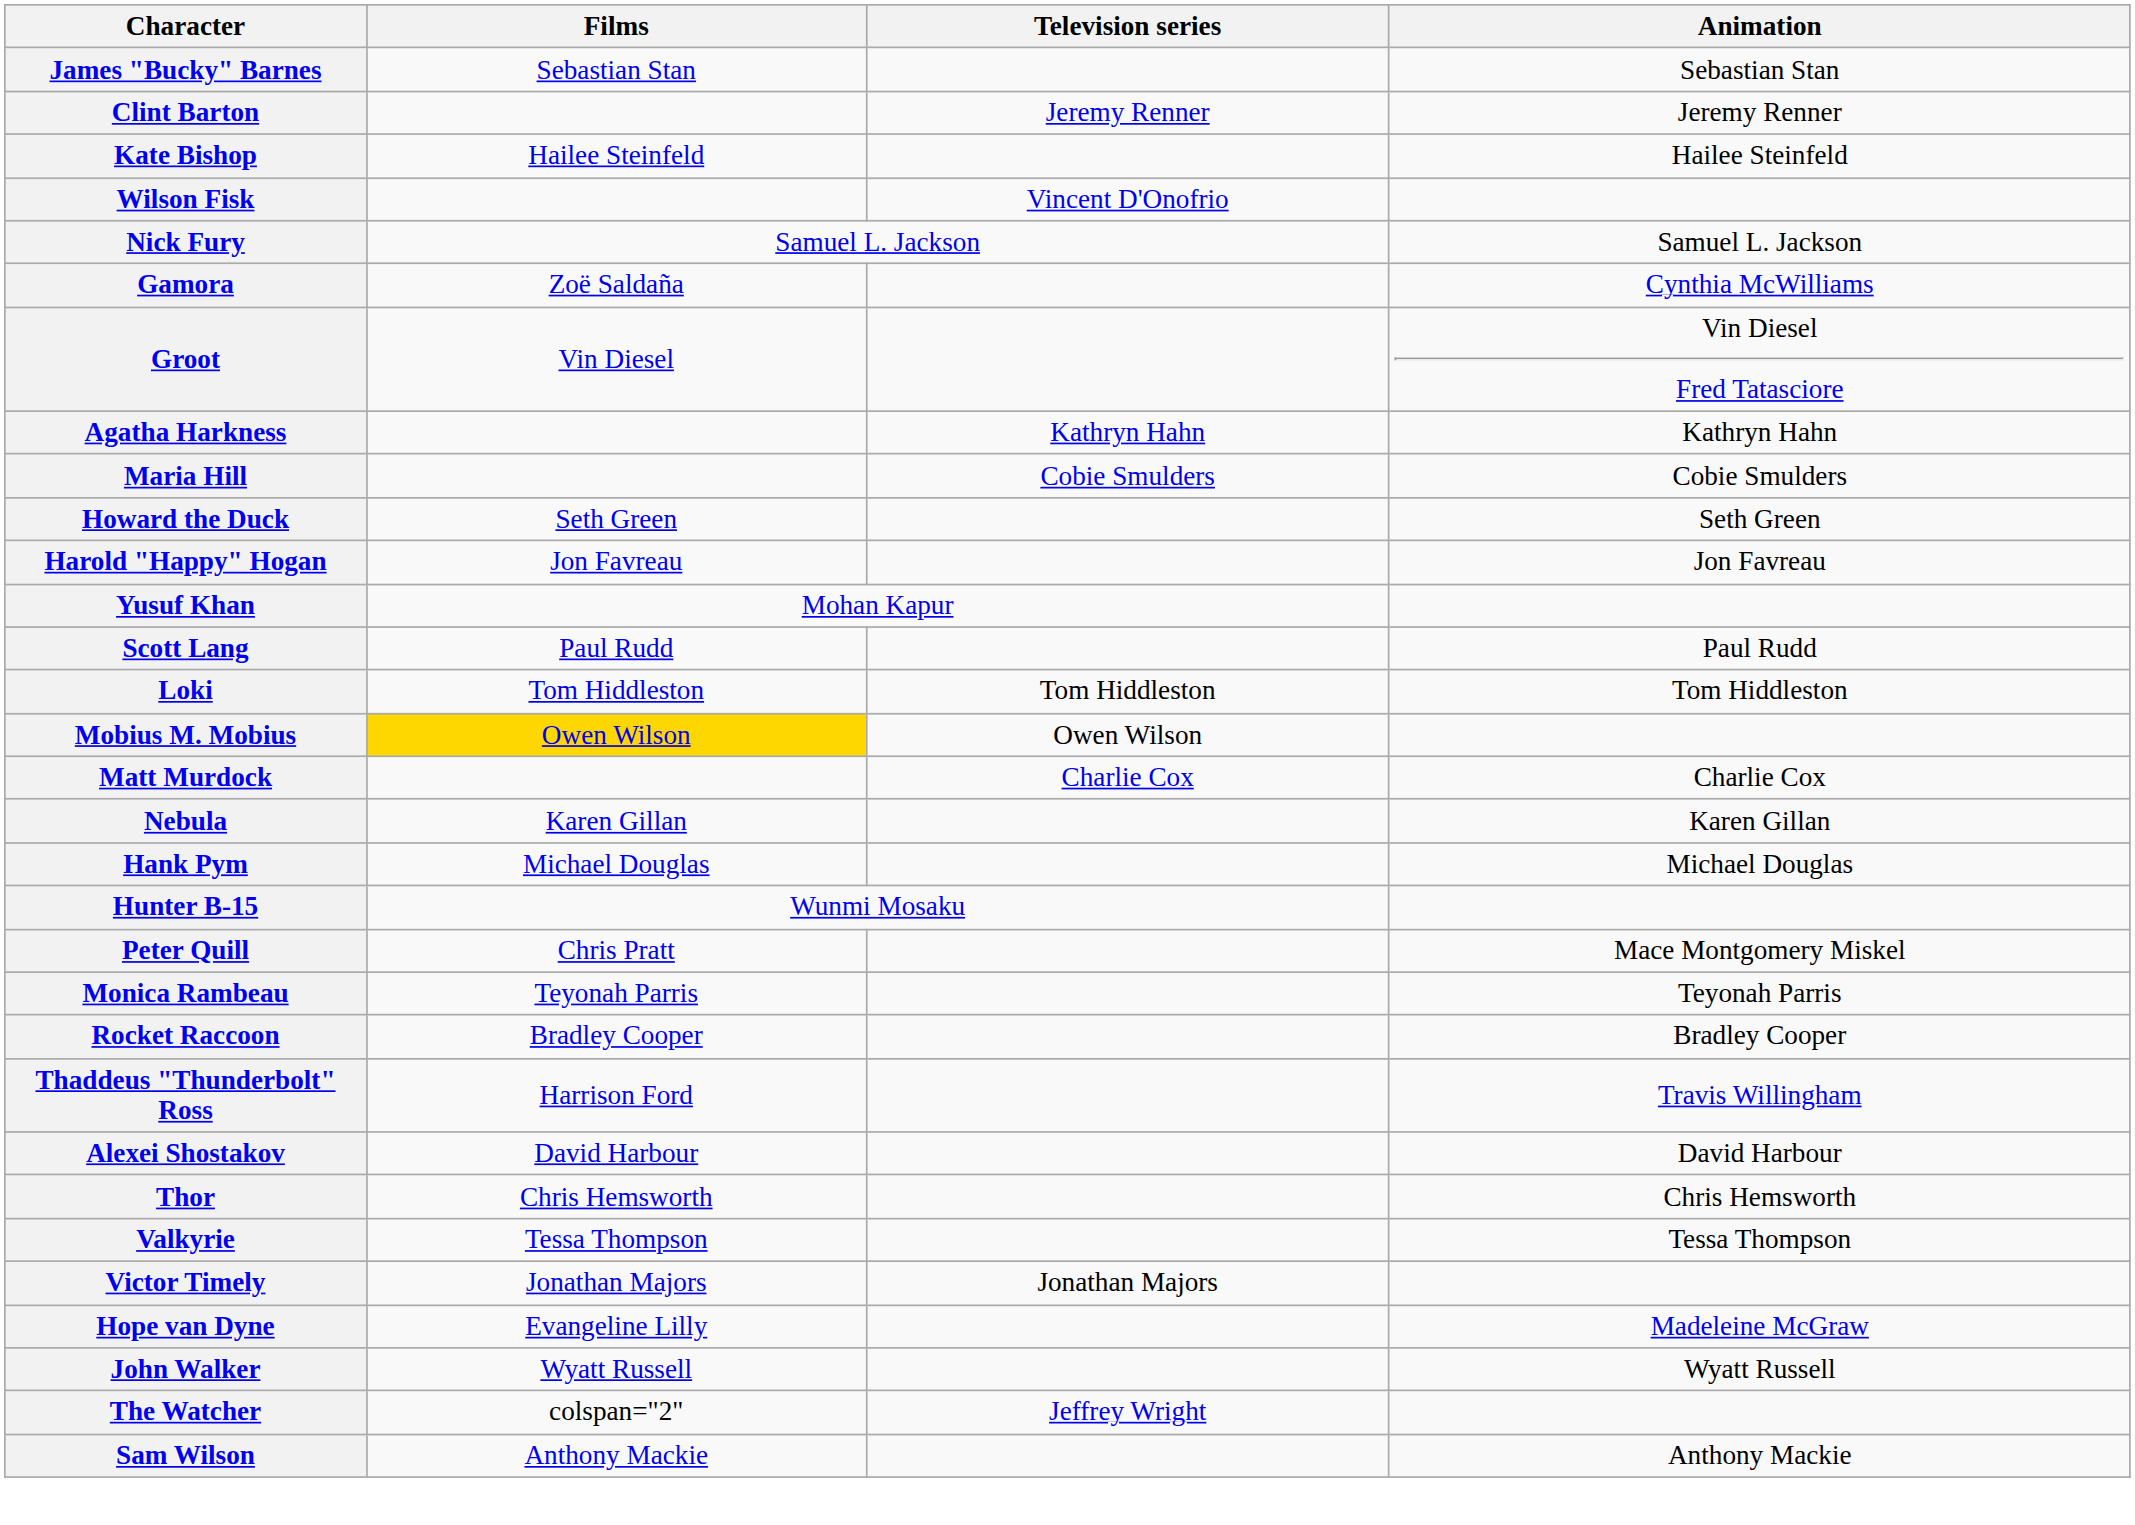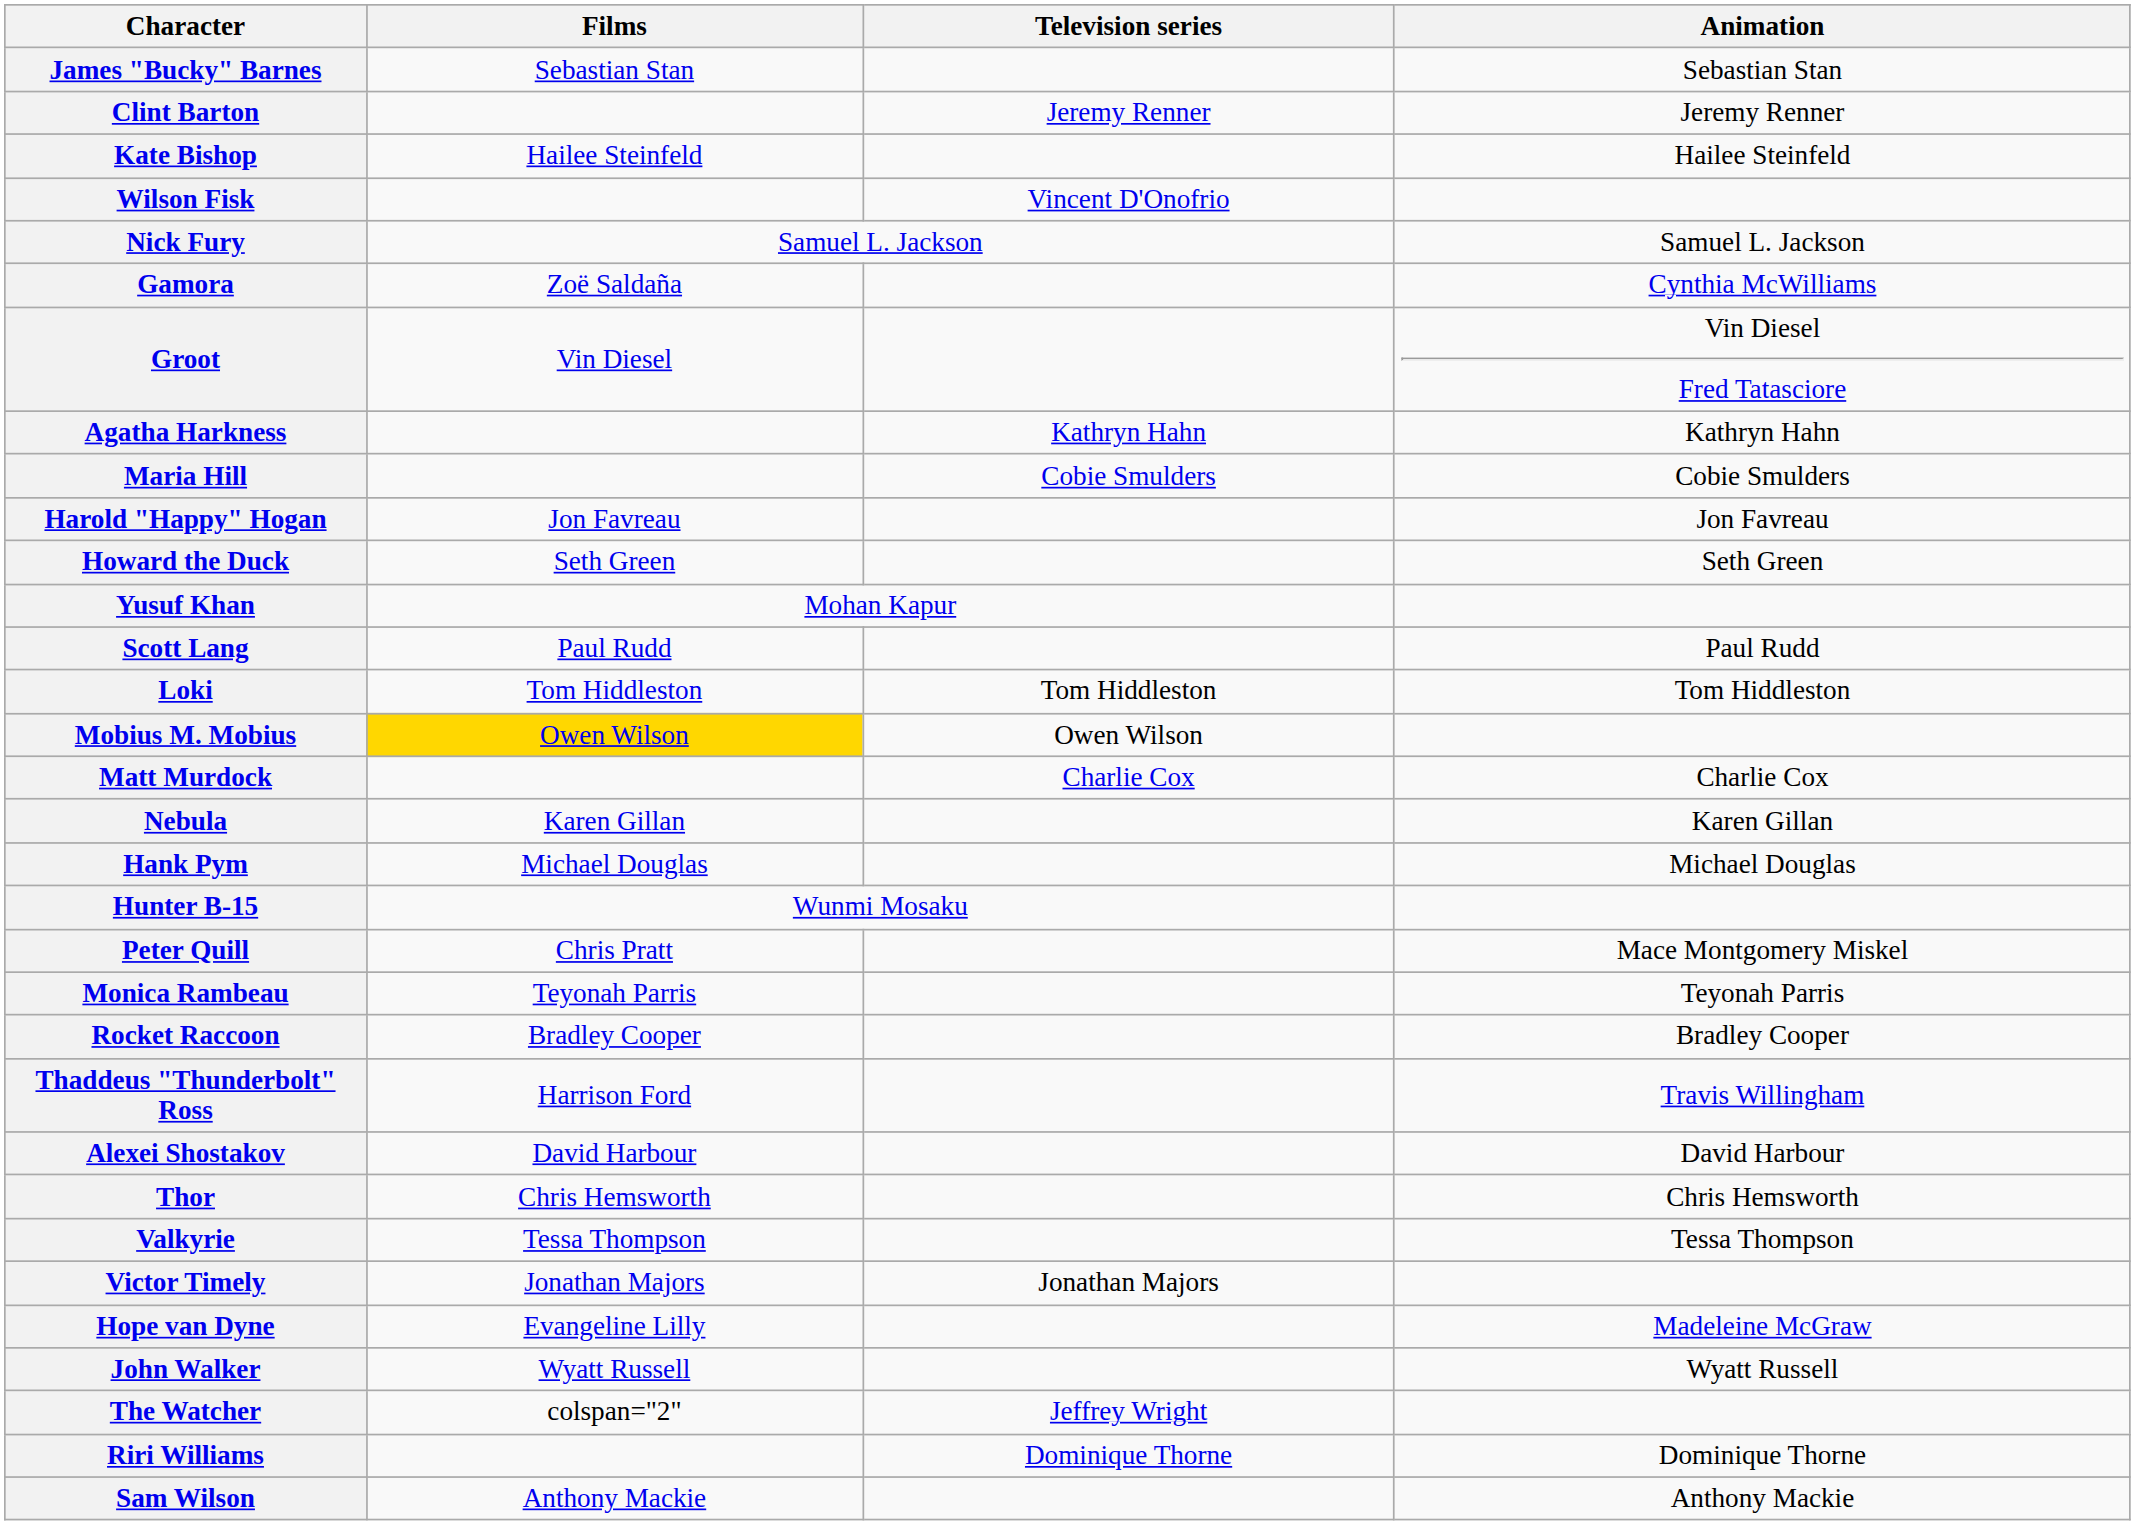 <table class="wikitable" style="text-align: center; width: 99%;">
 <tr>
 <th scope="col" style="width: 17%;">Character</th>
 <th scope="col">Films</th>
 <th scope="col">Television series</th>
 <th scope="col">Animation</th>
 </tr>
 <tr>
 <th scope="row"><a href='#'>James "Bucky" Barnes</a></th>
 <td><a href='#'>Sebastian Stan</a></td>
 <td></td>
 <td>Sebastian Stan</td>
 </tr>
 <tr>
 <th scope="row"><a href='#'>Clint Barton<br></a></th>
 <td></td>
 <td><a href='#'>Jeremy Renner</a></td>
 <td>Jeremy Renner</td>
 </tr>
 <tr>
 <th scope="row"><a href='#'>Kate Bishop</a></th>
 <td><a href='#'>Hailee Steinfeld</a></td>
 <td></td>
 <td>Hailee Steinfeld</td>
 </tr>
 <tr>
 <th scope="row"><a href='#'>Wilson Fisk<br></a></th>
 <td></td>
 <td><a href='#'>Vincent D'Onofrio</a></td>
 <td></td>
 </tr>
 <tr>
 <th scope="row"><a href='#'>Nick Fury</a></th>
 <td colspan="2"><a href='#'>Samuel L. Jackson</a></td>
 <td>Samuel L. Jackson</td>
 </tr>
 <tr>
 <th scope="row"><a href='#'>Gamora</a></th>
 <td><a href='#'>Zoë Saldaña</a></td>
 <td></td>
 <td><a href='#'>Cynthia McWilliams</a></td>
 </tr>
 <tr>
 <th scope="row"><a href='#'>Groot</a></th>
 <td><a href='#'>Vin Diesel</a></td>
 <td></td>
 <td>Vin Diesel<hr><a href='#'>Fred Tatasciore</a></td>
 </tr>
 <tr>
 <th scope="row"><a href='#'>Agatha Harkness</a></th>
 <td></td>
 <td><a href='#'>Kathryn Hahn</a></td>
 <td>Kathryn Hahn</td>
 </tr>
 <tr>
 <th scope="row"><a href='#'>Maria Hill</a></th>
 <td></td>
 <td><a href='#'>Cobie Smulders</a></td>
 <td>Cobie Smulders</td>
 </tr>
 <tr>
+<th scope="row"><a href='#'>Harold "Happy" Hogan</a></th>
+<td><a href='#'>Jon Favreau</a></td>
+<td></td>
+<td>Jon Favreau</td>
+</tr>
+<tr>
 <th scope="row"><a href='#'>Howard the Duck</a></th>
 <td><a href='#'>Seth Green</a></td>
 <td></td>
 <td>Seth Green</td>
-</tr>
-<tr>
-<th scope="row"><a href='#'>Harold "Happy" Hogan</a></th>
-<td><a href='#'>Jon Favreau</a></td>
-<td></td>
-<td>Jon Favreau</td>
 </tr>
 <tr>
 <th scope="row"><a href='#'>Yusuf Khan</a></th>
 <td colspan="2"><a href='#'>Mohan Kapur</a></td>
 <td></td>
 </tr>
 <tr>
 <th scope="row"><a href='#'>Scott Lang<br></a></th>
 <td><a href='#'>Paul Rudd</a></td>
 <td></td>
 <td>Paul Rudd</td>
 </tr>
 <tr>
 <th scope="row"><a href='#'>Loki</a></th>
 <td><a href='#'>Tom Hiddleston</a></td>
 <td>Tom Hiddleston</td>
 <td>Tom Hiddleston</td>
 </tr>
 <tr>
 <th scope="row"><a href='#'>Mobius M. Mobius</a></th>
 <td style="background: gold;"><a href='#'>Owen Wilson</a></td>
 <td>Owen Wilson</td>
 <td></td>
 </tr>
 <tr>
 <th scope="row"><a href='#'>Matt Murdock<br></a></th>
 <td></td>
 <td><a href='#'>Charlie Cox</a></td>
 <td>Charlie Cox</td>
 </tr>
 <tr>
 <th scope="row"><a href='#'>Nebula</a></th>
 <td><a href='#'>Karen Gillan</a></td>
 <td></td>
 <td>Karen Gillan</td>
 </tr>
 <tr>
 <th scope="row"><a href='#'>Hank Pym</a></th>
 <td><a href='#'>Michael Douglas</a></td>
 <td></td>
 <td>Michael Douglas</td>
 </tr>
 <tr>
 <th scope="row"><a href='#'>Hunter B-15</a></th>
 <td colspan="2"><a href='#'>Wunmi Mosaku</a></td>
 <td></td>
 </tr>
 <tr>
 <th scope="row"><a href='#'>Peter Quill<br></a></th>
 <td><a href='#'>Chris Pratt</a></td>
 <td></td>
 <td>Mace Montgomery Miskel</td>
 </tr>
 <tr>
 <th scope="row"><a href='#'>Monica Rambeau</a></th>
 <td><a href='#'>Teyonah Parris</a></td>
 <td></td>
 <td>Teyonah Parris</td>
 </tr>
 <tr>
 <th scope="row"><a href='#'>Rocket Raccoon</a></th>
 <td><a href='#'>Bradley Cooper</a></td>
 <td></td>
 <td>Bradley Cooper</td>
 </tr>
 <tr>
 <th scope=row><a href='#'>Thaddeus "Thunderbolt" Ross<br></a></th>
 <td><a href='#'>Harrison Ford</a></td>
 <td></td>
 <td><a href='#'>Travis Willingham</a></td>
 </tr>
 <tr>
 <th scope="row"><a href='#'>Alexei Shostakov<br></a></th>
 <td><a href='#'>David Harbour</a></td>
 <td></td>
 <td>David Harbour</td>
 </tr>
 <tr>
 <th scope="row"><a href='#'>Thor</a></th>
 <td><a href='#'>Chris Hemsworth</a></td>
 <td></td>
 <td>Chris Hemsworth</td>
 </tr>
 <tr>
 <th scope="row"><a href='#'>Valkyrie</a></th>
 <td><a href='#'>Tessa Thompson</a></td>
 <td></td>
 <td>Tessa Thompson</td>
 </tr>
 <tr>
 <th scope="row"><a href='#'>Victor Timely</a></th>
 <td><a href='#'>Jonathan Majors</a></td>
 <td>Jonathan Majors</td>
 <td></td>
 </tr>
 <tr>
 <th scope="row"><a href='#'>Hope van Dyne<br></a></th>
 <td><a href='#'>Evangeline Lilly</a></td>
 <td></td>
 <td><a href='#'>Madeleine McGraw</a></td>
 </tr>
 <tr>
 <th scope="row"><a href='#'>John Walker<br></a></th>
 <td><a href='#'>Wyatt Russell</a></td>
 <td></td>
 <td>Wyatt Russell</td>
 </tr>
 <tr>
 <th scope="row"><a href='#'>The Watcher</a></th>
 <td>colspan="2" </td>
 <td><a href='#'>Jeffrey Wright</a></td>
 </tr>
 <tr>
+<th scope="row"><a href='#'>Riri Williams<br></a></th>
+<td></td>
+<td><a href='#'>Dominique Thorne</a></td>
+<td>Dominique Thorne</td>
+</tr>
+<tr>
 <th scope="row"><a href='#'>Sam Wilson<br></a></th>
 <td><a href='#'>Anthony Mackie</a></td>
 <td></td>
 <td>Anthony Mackie</td>
 </tr>
 </table>
